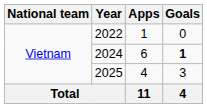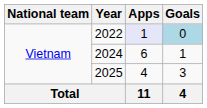 <table class=wikitable style="text-align: center;">
 <tr>
 <th>National team</th>
 <th>Year</th>
 <th>Apps</th>
 <th>Goals</th>
 </tr>
 <tr>
 <td rowspan="3"><a href='#'>Vietnam</a></td>
 <td>2022</td>
-<td>1</td>
-<td>0</td>
+<td style="background: lavender;">1</td>
+<td style="background: lightblue;">0</td>
 </tr>
 <tr>
 <td>2024</td>
 <td>6</td>
-<td><strong>1</strong></td>
+<td>1</td>
 </tr>
 <tr>
 <td>2025</td>
 <td>4</td>
 <td>3</td>
 </tr>
 <tr>
 <th colspan=2>Total</th>
 <th>11</th>
 <th>4</th>
 </tr>
 </table>
